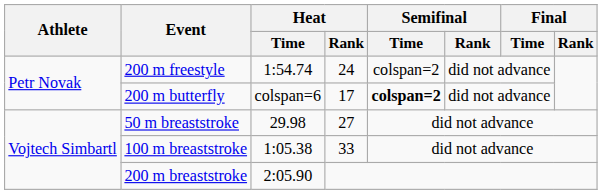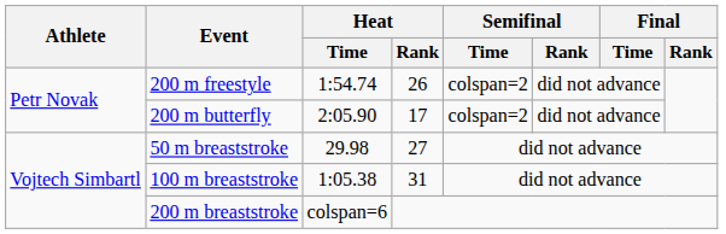 <table class=wikitable style="font-size:90%">
 <tr>
 <th rowspan=2>Athlete</th>
 <th rowspan=2>Event</th>
 <th colspan="2">Heat</th>
 <th colspan="2">Semifinal</th>
 <th colspan="2">Final</th>
 </tr>
 <tr style="font-size:95%">
 <th>Time</th>
 <th>Rank</th>
 <th>Time</th>
 <th>Rank</th>
 <th>Time</th>
 <th>Rank</th>
 </tr>
 <tr align=center>
 <td align=left rowspan=2><a href='#'>Petr Novak</a></td>
 <td align=left><a href='#'>200 m freestyle</a></td>
 <td>1:54.74</td>
-<td>24</td>
+<td>26</td>
 <td>colspan=2 </td>
 <td colspan=2>did not advance</td>
 </tr>
 <tr align=center>
 <td align=left><a href='#'>200 m butterfly</a></td>
-<td>colspan=6 </td>
+<td>2:05.90</td>
 <td>17</td>
-<td><strong>colspan=2 </strong></td>
+<td>colspan=2 </td>
 <td colspan=2>did not advance</td>
 </tr>
 <tr align=center>
 <td align=left rowspan=3><a href='#'>Vojtech Simbartl</a></td>
 <td align=left><a href='#'>50 m breaststroke</a></td>
 <td>29.98</td>
 <td>27</td>
 <td colspan=4>did not advance</td>
 </tr>
 <tr align=center>
 <td align=left><a href='#'>100 m breaststroke</a></td>
 <td>1:05.38</td>
-<td>33</td>
+<td>31</td>
 <td colspan=4>did not advance</td>
 </tr>
 <tr align=center>
 <td align=left><a href='#'>200 m breaststroke</a></td>
-<td>2:05.90</td>
+<td>colspan=6 </td>
 </tr>
 </table>
